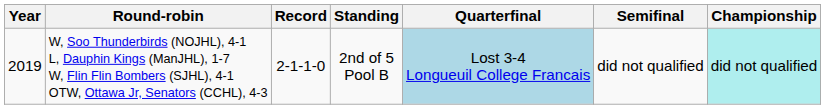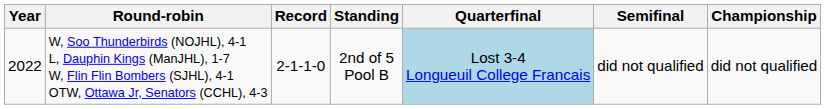 <table class="wikitable" style="text-align:center;">
 <tr>
 <th>Year</th>
 <th>Round-robin</th>
 <th>Record</th>
 <th>Standing</th>
 <th>Quarterfinal</th>
 <th>Semifinal</th>
 <th>Championship</th>
 </tr>
 <tr>
-<td>2019</td>
+<td>2022</td>
 <td align=left><small>W, <a href='#'>Soo Thunderbirds</a> (NOJHL), 4-1<br>L, <a href='#'>Dauphin Kings</a> (ManJHL), 1-7<br>W, <a href='#'>Flin Flin Bombers</a> (SJHL), 4-1<br>OTW, <a href='#'>Ottawa Jr, Senators</a> (CCHL), 4-3</small></td>
 <td>2-1-1-0</td>
 <td>2nd of 5 <br>Pool B</td>
 <td style="background: lightblue;">Lost 3-4<br><a href='#'>Longueuil College Francais</a></td>
 <td>did not qualified</td>
-<td style="background: paleturquoise;">did not qualified</td>
+<td>did not qualified</td>
 </tr>
 </table>
